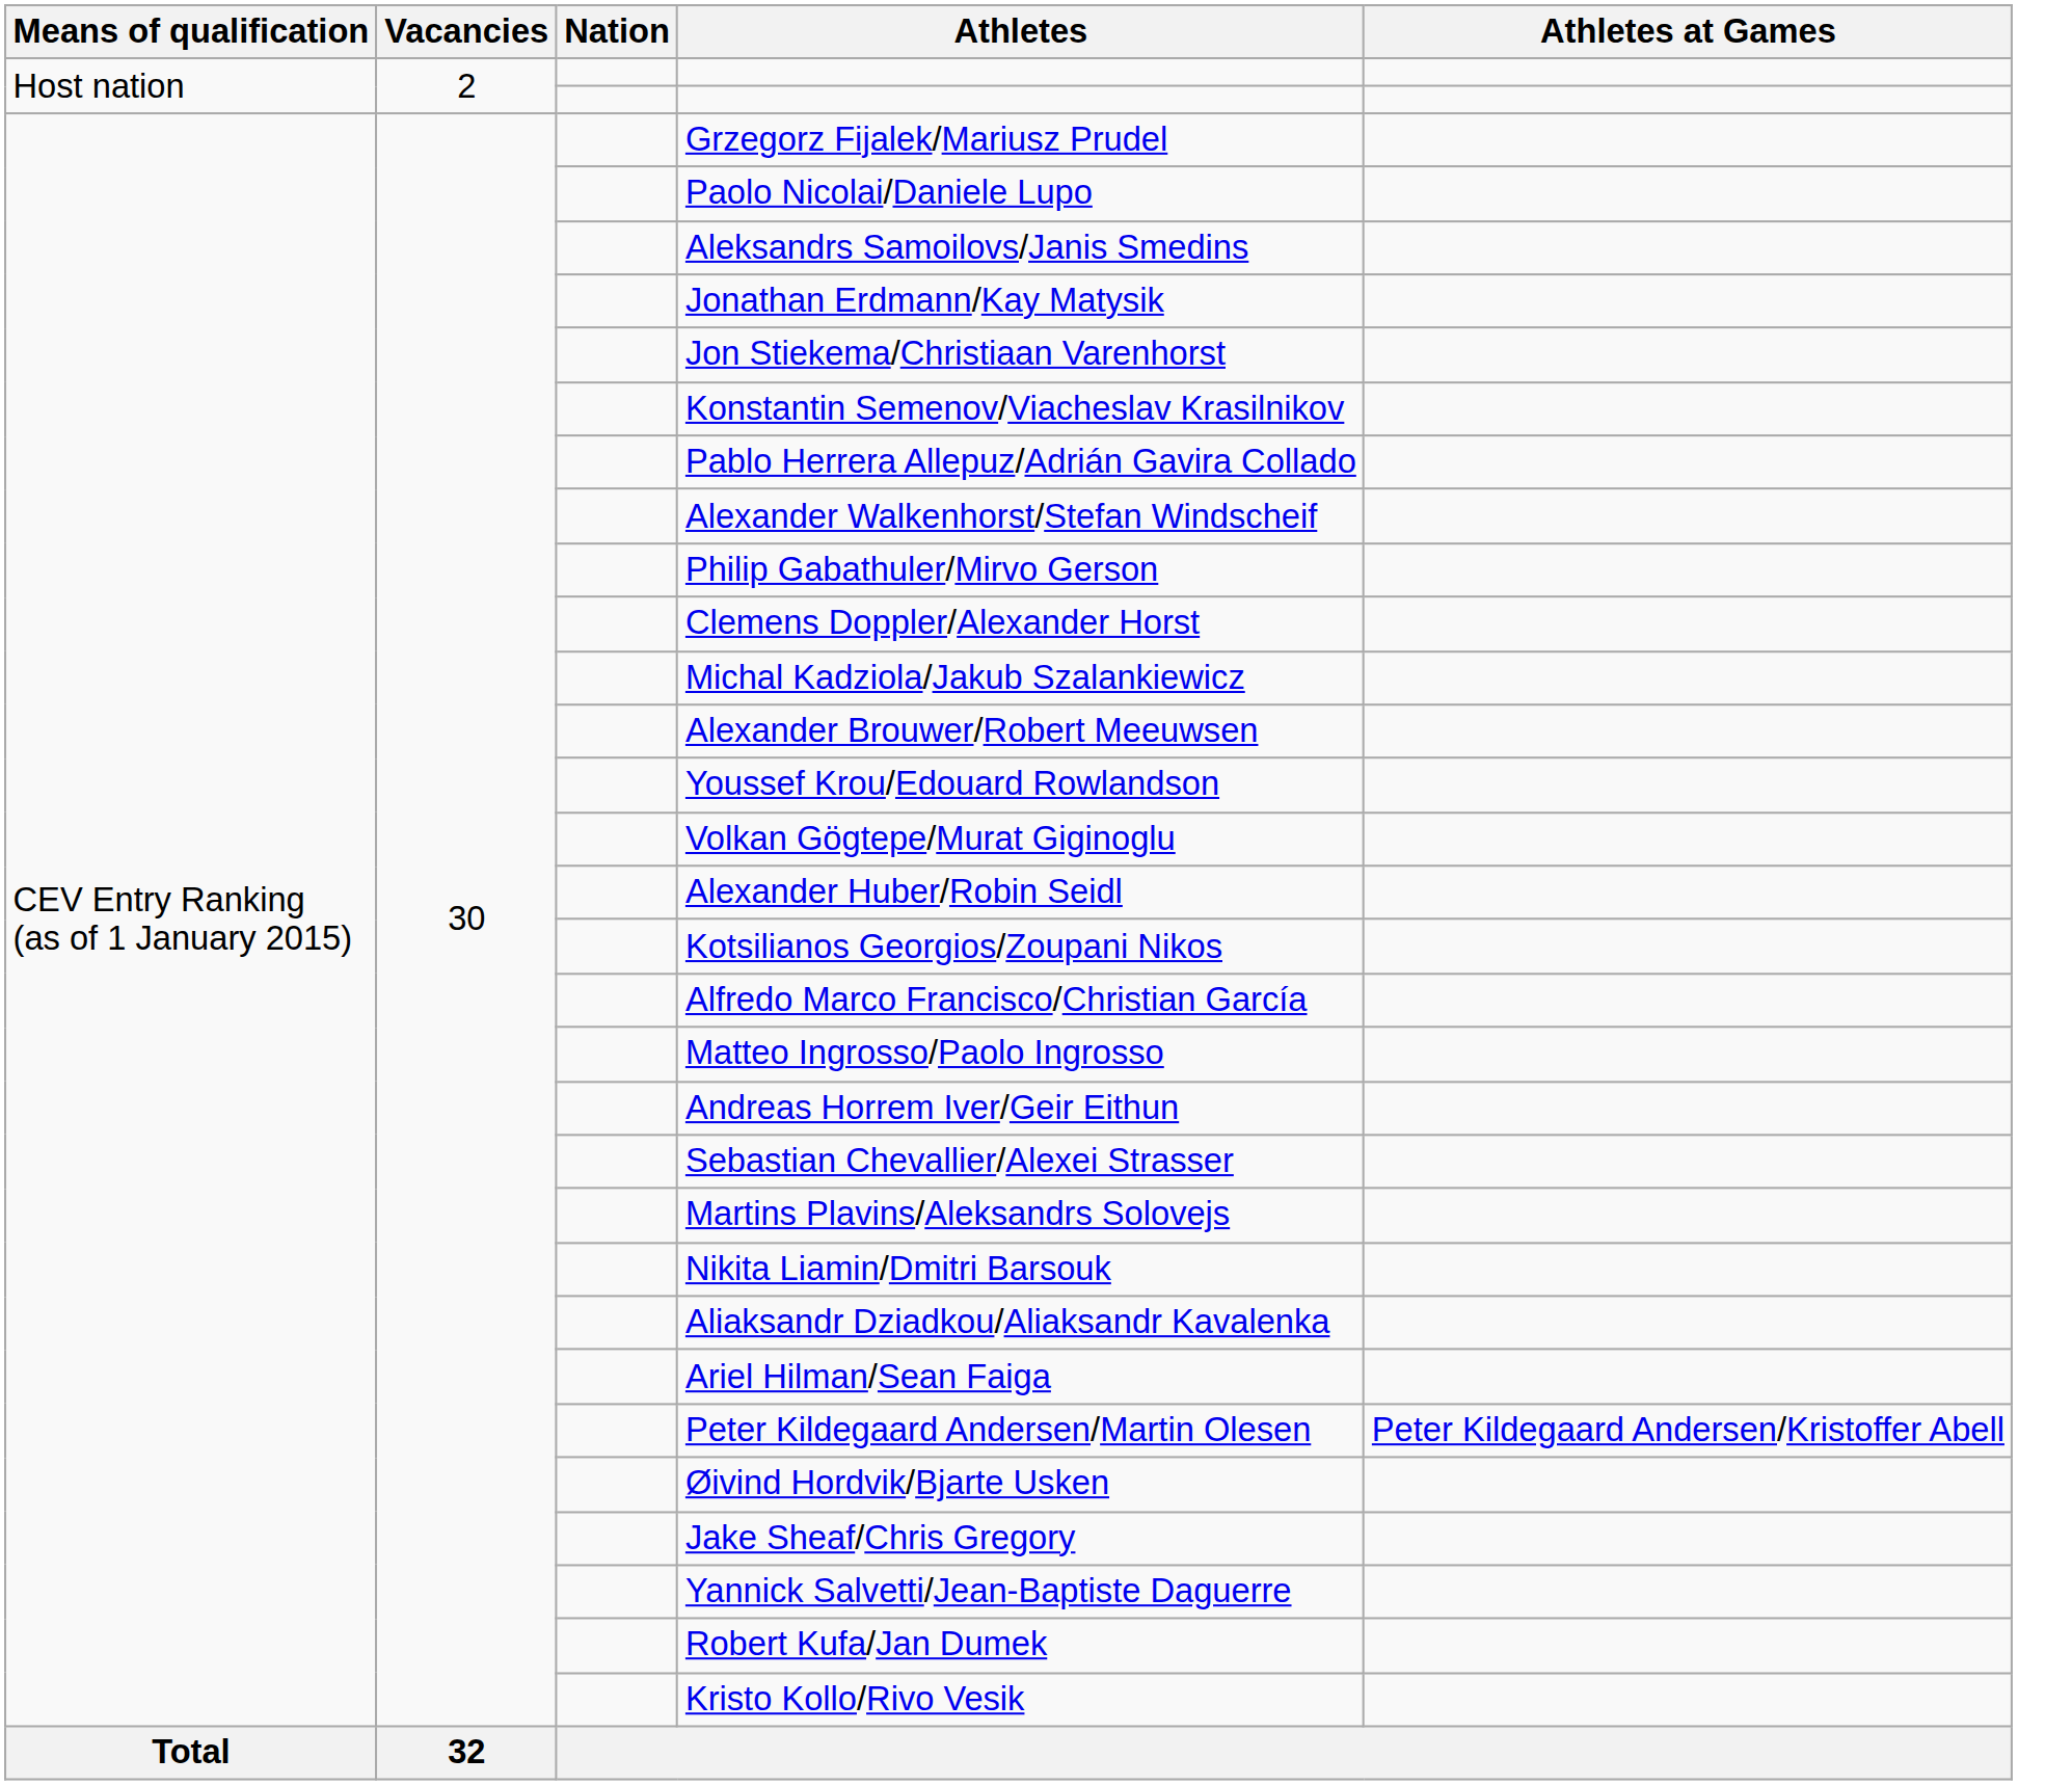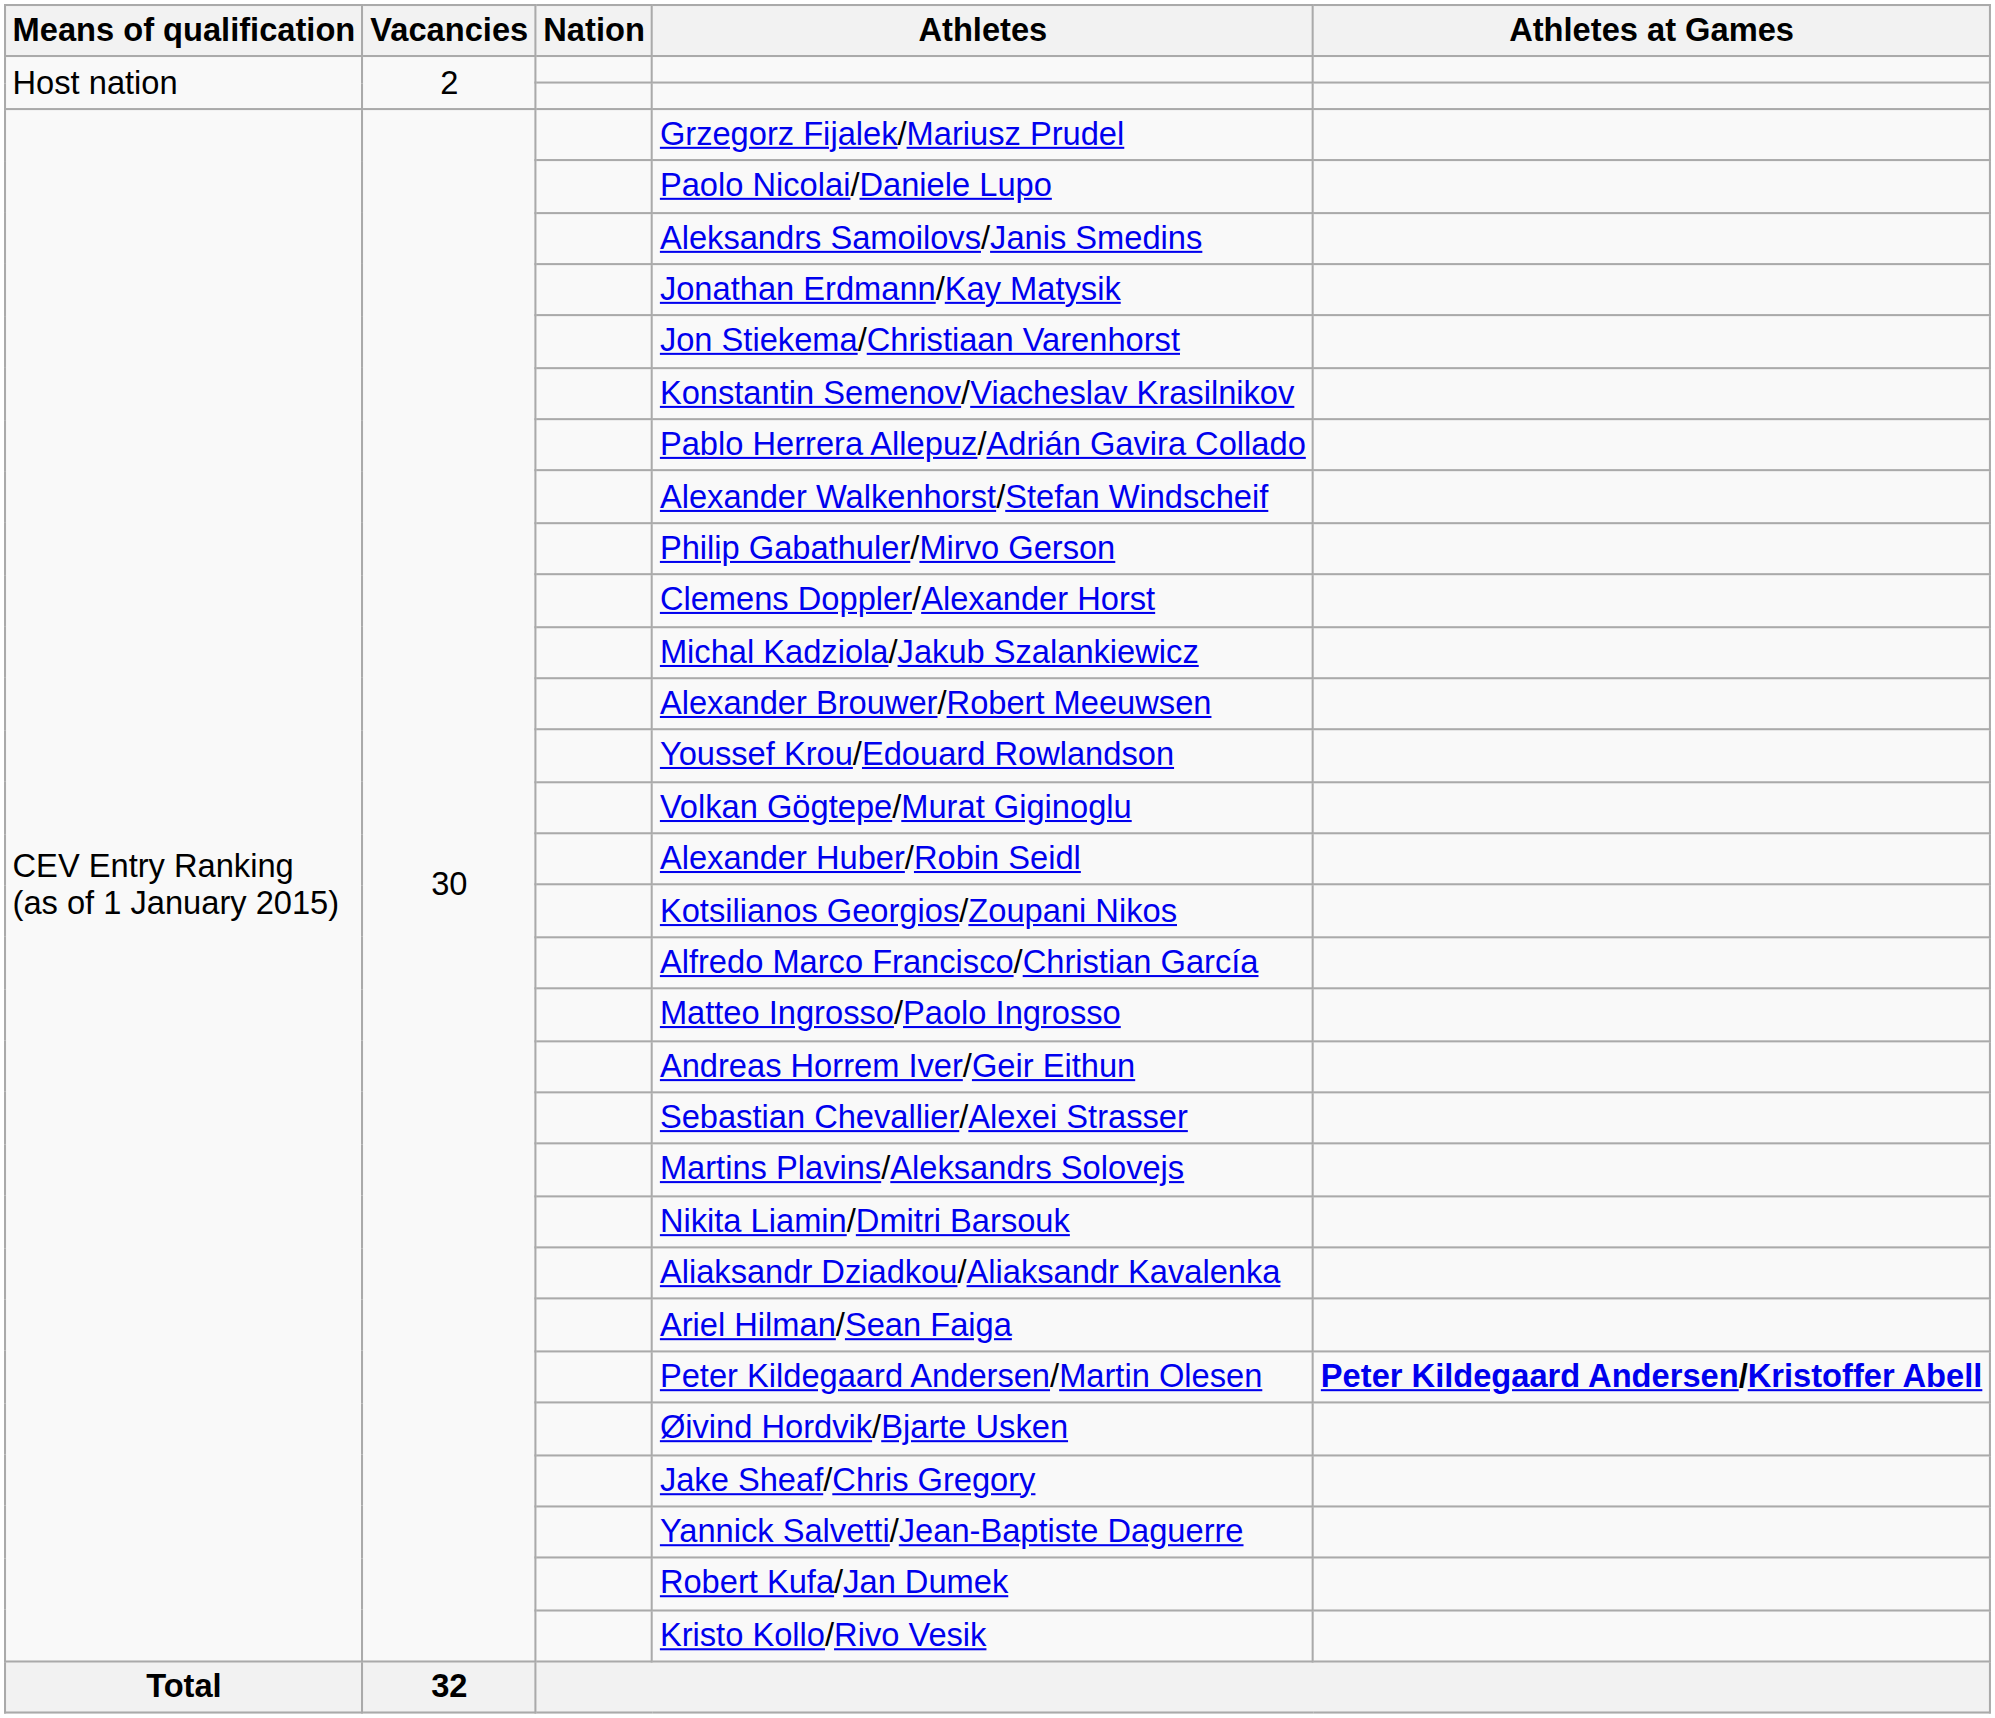 <table class="wikitable">
 <tr>
 <th>Means of qualification</th>
 <th>Vacancies</th>
 <th>Nation</th>
 <th>Athletes</th>
 <th>Athletes at Games</th>
 </tr>
 <tr>
 <td rowspan=2>Host nation</td>
 <td rowspan=2 align="center">2</td>
 <td></td>
 <td></td>
 <td></td>
 </tr>
 <tr>
 <td></td>
 <td></td>
 <td></td>
 </tr>
 <tr>
 <td rowspan=30>CEV Entry Ranking<br>(as of 1 January 2015)</td>
 <td rowspan=30 align="center">30</td>
 <td></td>
 <td><a href='#'>Grzegorz Fijalek</a>/<a href='#'>Mariusz Prudel</a></td>
 <td></td>
 </tr>
 <tr>
 <td></td>
 <td><a href='#'>Paolo Nicolai</a>/<a href='#'>Daniele Lupo</a></td>
 <td></td>
 </tr>
 <tr>
 <td></td>
 <td><a href='#'>Aleksandrs Samoilovs</a>/<a href='#'>Janis Smedins</a></td>
 <td></td>
 </tr>
 <tr>
 <td></td>
 <td><a href='#'>Jonathan Erdmann</a>/<a href='#'>Kay Matysik</a></td>
 <td></td>
 </tr>
 <tr>
 <td></td>
 <td><a href='#'>Jon Stiekema</a>/<a href='#'>Christiaan Varenhorst</a></td>
 <td></td>
 </tr>
 <tr>
 <td></td>
 <td><a href='#'>Konstantin Semenov</a>/<a href='#'>Viacheslav Krasilnikov</a></td>
 <td></td>
 </tr>
 <tr>
 <td></td>
 <td><a href='#'>Pablo Herrera Allepuz</a>/<a href='#'>Adrián Gavira Collado</a></td>
 <td></td>
 </tr>
 <tr>
 <td></td>
 <td><a href='#'>Alexander Walkenhorst</a>/<a href='#'>Stefan Windscheif</a></td>
 <td></td>
 </tr>
 <tr>
 <td></td>
 <td><a href='#'>Philip Gabathuler</a>/<a href='#'>Mirvo Gerson</a></td>
 <td></td>
 </tr>
 <tr>
 <td></td>
 <td><a href='#'>Clemens Doppler</a>/<a href='#'>Alexander Horst</a></td>
 <td></td>
 </tr>
 <tr>
 <td></td>
 <td><a href='#'>Michal Kadziola</a>/<a href='#'>Jakub Szalankiewicz</a></td>
 <td></td>
 </tr>
 <tr>
 <td></td>
 <td><a href='#'>Alexander Brouwer</a>/<a href='#'>Robert Meeuwsen</a></td>
 <td></td>
 </tr>
 <tr>
 <td></td>
 <td><a href='#'>Youssef Krou</a>/<a href='#'>Edouard Rowlandson</a></td>
 <td></td>
 </tr>
 <tr>
 <td></td>
 <td><a href='#'>Volkan Gögtepe</a>/<a href='#'>Murat Giginoglu</a></td>
 <td></td>
 </tr>
 <tr>
 <td></td>
 <td><a href='#'>Alexander Huber</a>/<a href='#'>Robin Seidl</a></td>
 <td></td>
 </tr>
 <tr>
 <td></td>
 <td><a href='#'>Kotsilianos Georgios</a>/<a href='#'>Zoupani Nikos</a></td>
 <td></td>
 </tr>
 <tr>
 <td></td>
 <td><a href='#'>Alfredo Marco Francisco</a>/<a href='#'>Christian García</a></td>
 <td></td>
 </tr>
 <tr>
 <td></td>
 <td><a href='#'>Matteo Ingrosso</a>/<a href='#'>Paolo Ingrosso</a></td>
 <td></td>
 </tr>
 <tr>
 <td></td>
 <td><a href='#'>Andreas Horrem Iver</a>/<a href='#'>Geir Eithun</a></td>
 <td></td>
 </tr>
 <tr>
 <td></td>
 <td><a href='#'>Sebastian Chevallier</a>/<a href='#'>Alexei Strasser</a></td>
 <td></td>
 </tr>
 <tr>
 <td></td>
 <td><a href='#'>Martins Plavins</a>/<a href='#'>Aleksandrs Solovejs</a></td>
 <td></td>
 </tr>
 <tr>
 <td></td>
 <td><a href='#'>Nikita Liamin</a>/<a href='#'>Dmitri Barsouk</a></td>
 <td></td>
 </tr>
 <tr>
 <td></td>
 <td><a href='#'>Aliaksandr Dziadkou</a>/<a href='#'>Aliaksandr Kavalenka</a></td>
 <td></td>
 </tr>
 <tr>
 <td></td>
 <td><a href='#'>Ariel Hilman</a>/<a href='#'>Sean Faiga</a></td>
 <td></td>
 </tr>
 <tr>
 <td></td>
 <td><a href='#'>Peter Kildegaard Andersen</a>/<a href='#'>Martin Olesen</a></td>
-<td><a href='#'>Peter Kildegaard Andersen</a>/<a href='#'>Kristoffer Abell</a></td>
+<td><strong><a href='#'>Peter Kildegaard Andersen</a>/<a href='#'>Kristoffer Abell</a></strong></td>
 </tr>
 <tr>
 <td></td>
 <td><a href='#'>Øivind Hordvik</a>/<a href='#'>Bjarte Usken</a></td>
 <td></td>
 </tr>
 <tr>
 <td></td>
 <td><a href='#'>Jake Sheaf</a>/<a href='#'>Chris Gregory</a></td>
 <td></td>
 </tr>
 <tr>
 <td></td>
 <td><a href='#'>Yannick Salvetti</a>/<a href='#'>Jean-Baptiste Daguerre</a></td>
 <td></td>
 </tr>
 <tr>
 <td></td>
 <td><a href='#'>Robert Kufa</a>/<a href='#'>Jan Dumek</a></td>
 <td></td>
 </tr>
 <tr>
 <td></td>
 <td><a href='#'>Kristo Kollo</a>/<a href='#'>Rivo Vesik</a></td>
 <td></td>
 </tr>
 <tr>
 <th>Total</th>
 <th>32</th>
 <th colspan=3></th>
 </tr>
 </table>
